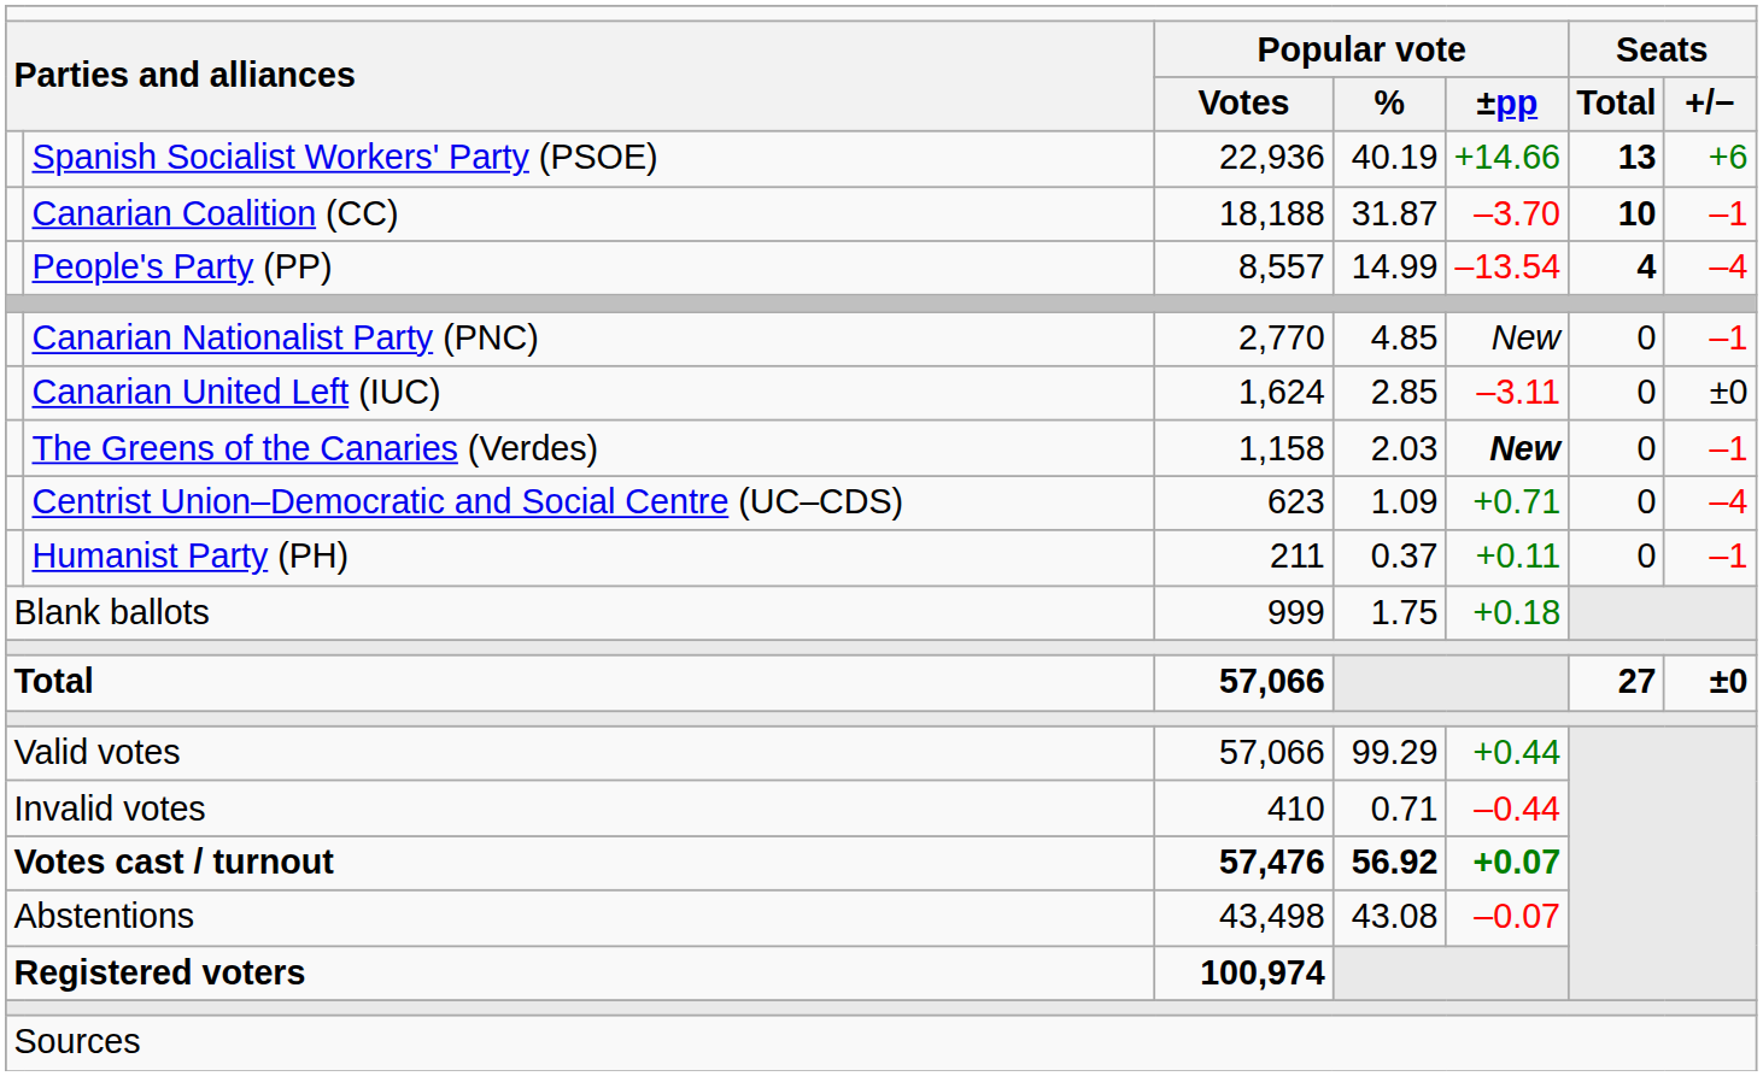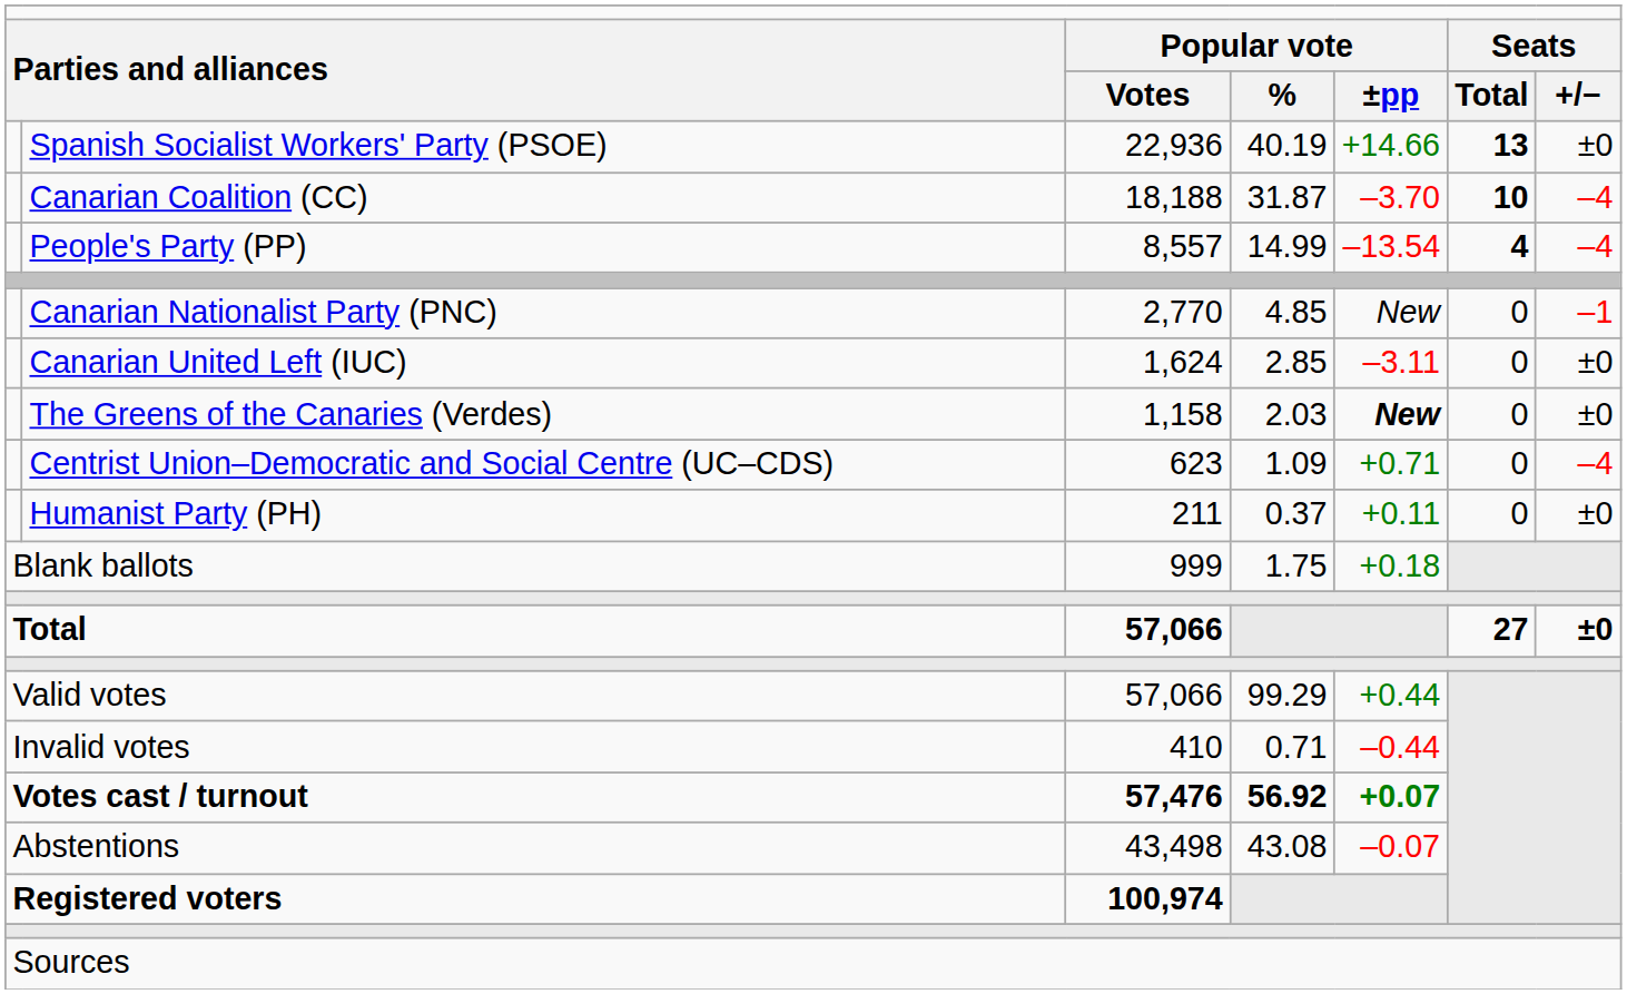 <table class="wikitable" style="text-align:right;">
 <tr>
 <td colspan="7"></td>
 </tr>
 <tr>
 <th style="text-align:left;" rowspan="2" colspan="2" width="525">Parties and alliances</th>
 <th colspan="3">Popular vote</th>
 <th colspan="2">Seats</th>
 </tr>
 <tr>
 <th width="75">Votes</th>
 <th width="45">%</th>
 <th width="45">±<a href='#'>pp</a></th>
 <th width="35">Total</th>
 <th width="35">+/−</th>
 </tr>
 <tr>
 <td width="1" style="color:inherit;background:"></td>
 <td align="left"><a href='#'>Spanish Socialist Workers' Party</a> (PSOE)</td>
 <td>22,936</td>
 <td>40.19</td>
 <td style="color:green;">+14.66</td>
 <td><strong>13</strong></td>
-<td style="color:green;">+6</td>
+<td>±0</td>
 </tr>
 <tr>
 <td style="color:inherit;background:"></td>
 <td align="left"><a href='#'>Canarian Coalition</a> (CC)</td>
 <td>18,188</td>
 <td>31.87</td>
 <td style="color:red;">–3.70</td>
 <td><strong>10</strong></td>
-<td style="color:red;">–1</td>
+<td style="color:red;">–4</td>
 </tr>
 <tr>
 <td style="color:inherit;background:"></td>
 <td align="left"><a href='#'>People's Party</a> (PP)</td>
 <td>8,557</td>
 <td>14.99</td>
 <td style="color:red;">–13.54</td>
 <td><strong>4</strong></td>
 <td style="color:red;">–4</td>
 </tr>
 <tr>
 <td colspan="7" style="color:inherit;background:#C0C0C0"></td>
 </tr>
 <tr>
 <td style="color:inherit;background:"></td>
 <td align="left"><a href='#'>Canarian Nationalist Party</a> (PNC)</td>
 <td>2,770</td>
 <td>4.85</td>
 <td><em>New</em></td>
 <td>0</td>
 <td style="color:red;">–1</td>
 </tr>
 <tr>
 <td style="color:inherit;background:"></td>
 <td align="left"><a href='#'>Canarian United Left</a> (IUC)</td>
 <td>1,624</td>
 <td>2.85</td>
 <td style="color:red;">–3.11</td>
 <td>0</td>
 <td>±0</td>
 </tr>
 <tr>
 <td style="color:inherit;background:"></td>
 <td align="left"><a href='#'>The Greens of the Canaries</a> (Verdes)</td>
 <td>1,158</td>
 <td>2.03</td>
 <td><strong><em>New</em></strong></td>
 <td>0</td>
-<td style="color:red;">–1</td>
+<td>±0</td>
 </tr>
 <tr>
 <td style="color:inherit;background:"></td>
 <td align="left"><a href='#'>Centrist Union–Democratic and Social Centre</a> (UC–CDS)</td>
 <td>623</td>
 <td>1.09</td>
 <td style="color:green;">+0.71</td>
 <td>0</td>
 <td style="color:red;">–4</td>
 </tr>
 <tr>
 <td style="color:inherit;background:"></td>
 <td align="left"><a href='#'>Humanist Party</a> (PH)</td>
 <td>211</td>
 <td>0.37</td>
 <td style="color:green;">+0.11</td>
 <td>0</td>
-<td style="color:red;">–1</td>
+<td>±0</td>
 </tr>
 <tr>
 <td align="left" colspan="2">Blank ballots</td>
 <td>999</td>
 <td>1.75</td>
 <td style="color:green;">+0.18</td>
 <td style="color:inherit;background:#E9E9E9" colspan="2"></td>
 </tr>
 <tr>
 <td colspan="7" style="color:inherit;background:#E9E9E9"></td>
 </tr>
 <tr style="font-weight:bold;">
 <td align="left" colspan="2">Total</td>
 <td>57,066</td>
 <td bgcolor="#E9E9E9" colspan="2"></td>
 <td>27</td>
 <td>±0</td>
 </tr>
 <tr>
 <td colspan="7" style="color:inherit;background:#E9E9E9"></td>
 </tr>
 <tr>
 <td align="left" colspan="2">Valid votes</td>
 <td>57,066</td>
 <td>99.29</td>
 <td style="color:green;">+0.44</td>
 <td bgcolor="#E9E9E9" colspan="2" rowspan="5"></td>
 </tr>
 <tr>
 <td align="left" colspan="2">Invalid votes</td>
 <td>410</td>
 <td>0.71</td>
 <td style="color:red;">–0.44</td>
 </tr>
 <tr style="font-weight:bold;">
 <td align="left" colspan="2">Votes cast / turnout</td>
 <td>57,476</td>
 <td>56.92</td>
 <td style="color:green;">+0.07</td>
 </tr>
 <tr>
 <td align="left" colspan="2">Abstentions</td>
 <td>43,498</td>
 <td>43.08</td>
 <td style="color:red;">–0.07</td>
 </tr>
 <tr style="font-weight:bold;">
 <td align="left" colspan="2">Registered voters</td>
 <td>100,974</td>
 <td bgcolor="#E9E9E9" colspan="2"></td>
 </tr>
 <tr>
 <td colspan="7" style="color:inherit;background:#E9E9E9"></td>
 </tr>
 <tr>
 <td align="left" colspan="7">Sources</td>
 </tr>
 </table>
